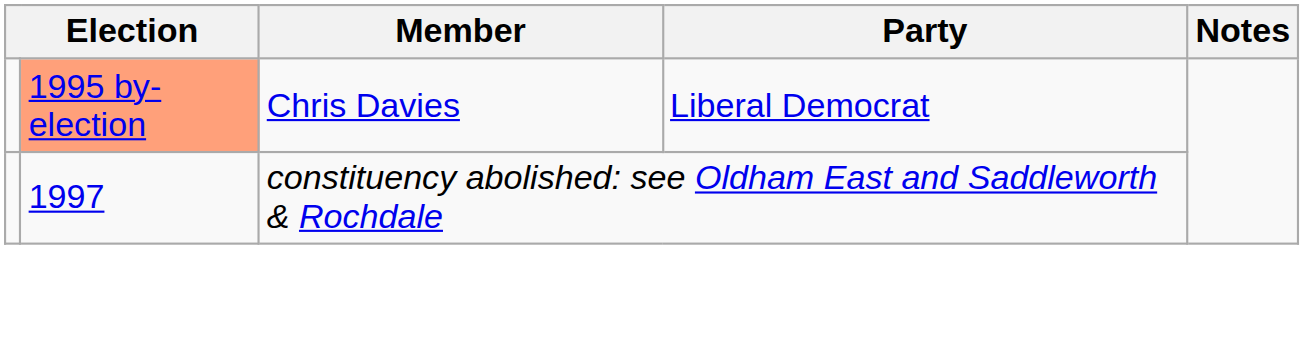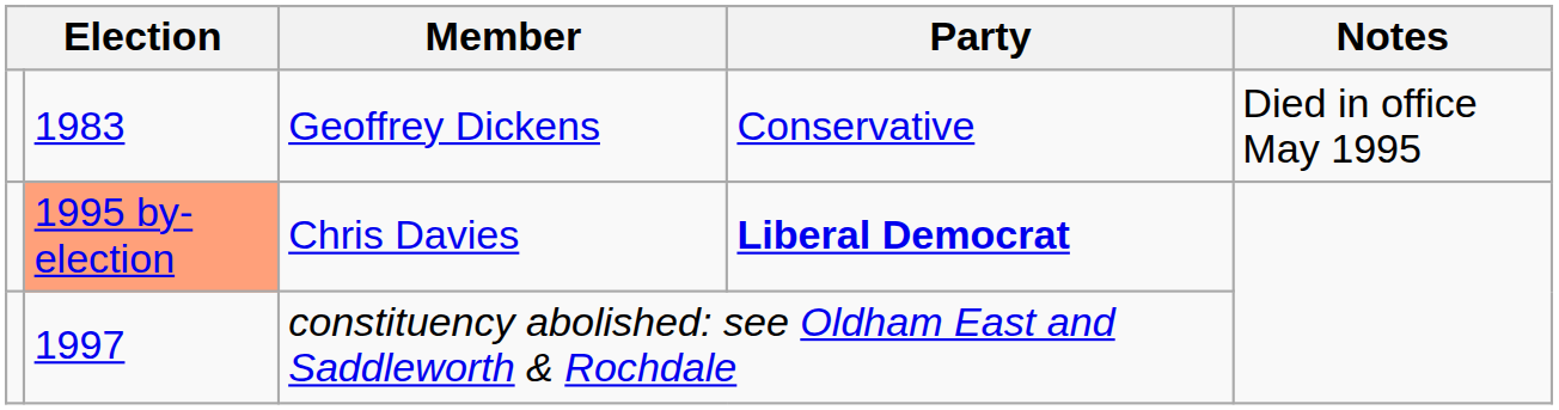 <table class="wikitable">
 <tr>
 <th colspan="2">Election</th>
 <th>Member</th>
 <th>Party</th>
 <th>Notes</th>
 </tr>
 <tr>
 <td style="color:inherit;background-color: "></td>
+<td><a href='#'>1983</a></td>
+<td><a href='#'>Geoffrey Dickens</a></td>
+<td><a href='#'>Conservative</a></td>
+<td>Died in office May 1995</td>
+</tr>
+<tr>
+<td style="color:inherit;background-color: "></td>
 <td style="background: lightsalmon;"><a href='#'>1995 by-election</a></td>
 <td><a href='#'>Chris Davies</a></td>
-<td><a href='#'>Liberal Democrat</a></td>
+<td><strong><a href='#'>Liberal Democrat</a></strong></td>
 </tr>
 <tr>
 <td></td>
 <td><a href='#'>1997</a></td>
 <td colspan="2"><em>constituency abolished: see <a href='#'>Oldham East and Saddleworth</a> & <a href='#'>Rochdale</a></em></td>
 </tr>
 </table>
